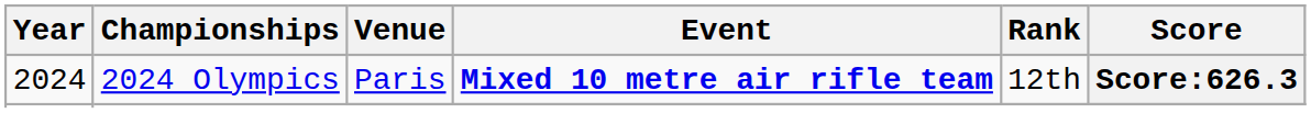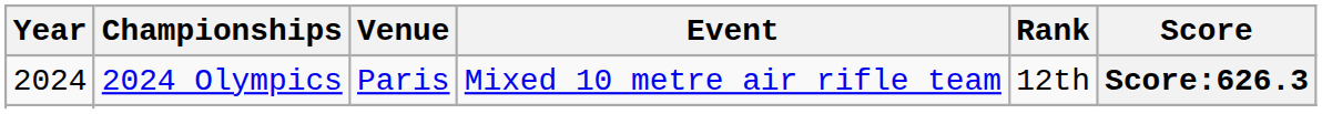 <table Class="wikitable sortable">
 <tr>
 <th>Year</th>
 <th>Championships</th>
 <th>Venue</th>
 <th>Event</th>
 <th>Rank</th>
 <th>Score</th>
 </tr>
 <tr>
 <td rowspan=2>2024</td>
 <td rowspan=2><a href='#'>2024 Olympics</a></td>
 <td><a href='#'>Paris</a></td>
-<td><strong><a href='#'>Mixed 10 metre air rifle team</a></strong></td>
+<td><a href='#'>Mixed 10 metre air rifle team</a></td>
 <td>12th</td>
 <th>Score:626.3</th>
 </tr>
 <tr>
 </tr>
 </table>
